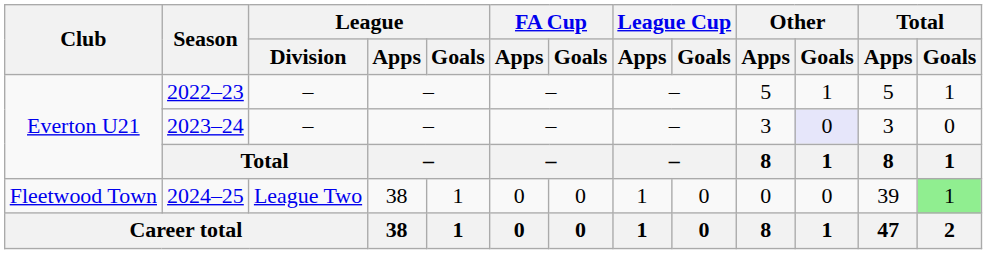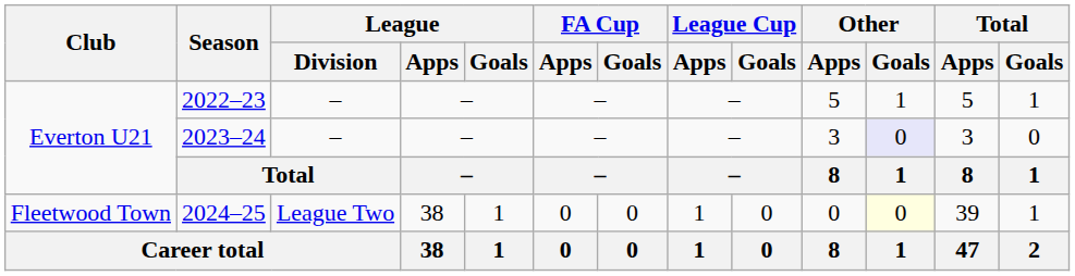 <table class="wikitable" style="text-align: center">
 <tr>
 <th rowspan="2">Club</th>
 <th rowspan="2">Season</th>
 <th colspan="3">League</th>
 <th colspan="2"><a href='#'>FA Cup</a></th>
 <th colspan="2"><a href='#'>League Cup</a></th>
 <th colspan="2">Other</th>
 <th colspan="2">Total</th>
 </tr>
 <tr>
 <th>Division</th>
 <th>Apps</th>
 <th>Goals</th>
 <th>Apps</th>
 <th>Goals</th>
 <th>Apps</th>
 <th>Goals</th>
 <th>Apps</th>
 <th>Goals</th>
 <th>Apps</th>
 <th>Goals</th>
 </tr>
 <tr>
 <td rowspan="3"><a href='#'>Everton U21</a></td>
 <td><a href='#'>2022–23</a></td>
 <td>–</td>
 <td colspan="2">–</td>
 <td colspan="2">–</td>
 <td colspan="2">–</td>
 <td>5</td>
 <td>1</td>
 <td>5</td>
 <td>1</td>
 </tr>
 <tr>
 <td><a href='#'>2023–24</a></td>
 <td>–</td>
 <td colspan="2">–</td>
 <td colspan="2">–</td>
 <td colspan="2">–</td>
 <td>3</td>
 <td style="background: lavender;">0</td>
 <td>3</td>
 <td>0</td>
 </tr>
 <tr>
 <th colspan="2">Total</th>
 <th colspan="2">–</th>
 <th colspan="2">–</th>
 <th colspan="2">–</th>
 <th>8</th>
 <th>1</th>
 <th>8</th>
 <th>1</th>
 </tr>
 <tr>
 <td><a href='#'>Fleetwood Town</a></td>
 <td><a href='#'>2024–25</a></td>
 <td><a href='#'>League Two</a></td>
 <td>38</td>
 <td>1</td>
 <td>0</td>
 <td>0</td>
 <td>1</td>
 <td>0</td>
 <td>0</td>
-<td>0</td>
+<td style="background: lightyellow;">0</td>
 <td>39</td>
-<td style="background: lightgreen;">1</td>
+<td>1</td>
 </tr>
 <tr>
 <th colspan="3">Career total</th>
 <th>38</th>
 <th>1</th>
 <th>0</th>
 <th>0</th>
 <th>1</th>
 <th>0</th>
 <th>8</th>
 <th>1</th>
 <th>47</th>
 <th>2</th>
 </tr>
 </table>
